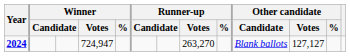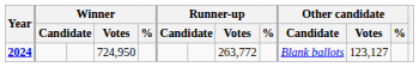 <table class="wikitable sortable">
 <tr>
 <th rowspan="2" scope="col">Year</th>
 <th colspan="4" scope="col" style="border-left:3px solid darkgray;">Winner</th>
 <th colspan="4" scope="col" style="border-left:3px solid darkgray;">Runner-up</th>
 <th colspan="4" scope="col" style="border-left:3px solid darkgray;">Other candidate</th>
 <th rowspan="2" class="unsortable" scope="col"></th>
 </tr>
 <tr>
 <th colspan="2" scope="col" style="border-left:3px solid darkgray;">Candidate</th>
 <th data-sort-type="number" scope="col">Votes</th>
 <th data-sort-type="number" scope="col">%</th>
 <th colspan="2" scope="col" style="border-left:3px solid darkgray;">Candidate</th>
 <th data-sort-type="number" scope="col">Votes</th>
 <th data-sort-type="number" scope="col">%</th>
 <th colspan="2" scope="col" style="border-left:3px solid darkgray;">Candidate</th>
 <th data-sort-type="number" scope="col">Votes</th>
 <th data-sort-type="number" scope="col">%</th>
 </tr>
 <tr>
 <td><strong><a href='#'>2024</a></strong></td>
 <td style="text-align:left; border-left:3px solid darkgray; background-color:"></td>
 <td><strong></strong> </td>
-<td>724,947</td>
+<td>724,950</td>
 <td></td>
 <td style="text-align:left; border-left:3px solid darkgray; background-color:"></td>
 <td> </td>
-<td>263,270</td>
+<td>263,772</td>
 <td></td>
 <td colspan="2" style="border-left:3px solid darkgray;"><em><a href='#'>Blank ballots</a></em></td>
-<td>127,127</td>
+<td>123,127</td>
 <td></td>
 <td></td>
 </tr>
 </table>
